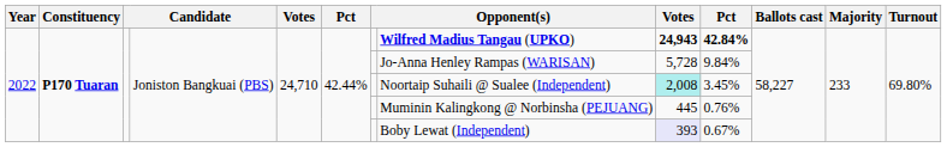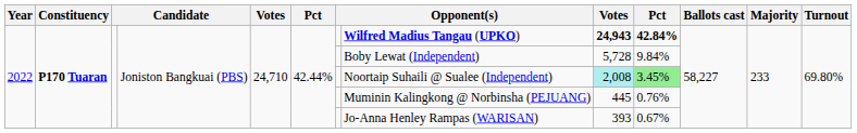 <table class="wikitable" style="margin:0.5em ; font-size:95%">
 <tr>
 <th>Year</th>
 <th>Constituency</th>
 <th colspan=2>Candidate</th>
 <th>Votes</th>
 <th>Pct</th>
 <th colspan=2>Opponent(s)</th>
 <th>Votes</th>
 <th>Pct</th>
 <th>Ballots cast</th>
 <th>Majority</th>
 <th>Turnout</th>
 </tr>
 <tr>
 <td rowspan="5"><a href='#'>2022</a></td>
 <td rowspan="5"><strong>P170 <a href='#'>Tuaran</a></strong></td>
 <td rowspan="5"></td>
 <td rowspan="5">Joniston Bangkuai (<a href='#'>PBS</a>)</td>
 <td rowspan="5" align="right">24,710</td>
 <td rowspan="5">42.44%</td>
 <td></td>
 <td><strong><a href='#'>Wilfred Madius Tangau</a></strong> (<a href='#'><strong>UPKO</strong></a>)</td>
 <td align="right"><strong>24,943</strong></td>
 <td><strong>42.84%</strong></td>
 <td rowspan="5">58,227</td>
 <td rowspan="5">233</td>
 <td rowspan="5">69.80%</td>
 </tr>
 <tr>
 <td></td>
-<td>Jo-Anna Henley Rampas (<a href='#'>WARISAN</a>)</td>
+<td>Boby Lewat (<a href='#'>Independent</a>)</td>
 <td align="right">5,728</td>
 <td>9.84%</td>
 </tr>
 <tr>
 <td></td>
 <td>Noortaip Suhaili @ Sualee (<a href='#'>Independent</a>)</td>
 <td align="right" style="background: paleturquoise;">2,008</td>
-<td>3.45%</td>
+<td style="background: lightgreen;">3.45%</td>
 </tr>
 <tr>
 <td></td>
 <td>Muminin Kalingkong @ Norbinsha (<a href='#'>PEJUANG</a>)</td>
 <td align="right">445</td>
 <td>0.76%</td>
 </tr>
 <tr>
 <td></td>
-<td>Boby Lewat (<a href='#'>Independent</a>)</td>
-<td align="right" style="background: lavender;">393</td>
+<td>Jo-Anna Henley Rampas (<a href='#'>WARISAN</a>)</td>
+<td align="right">393</td>
 <td>0.67%</td>
 </tr>
 </table>
